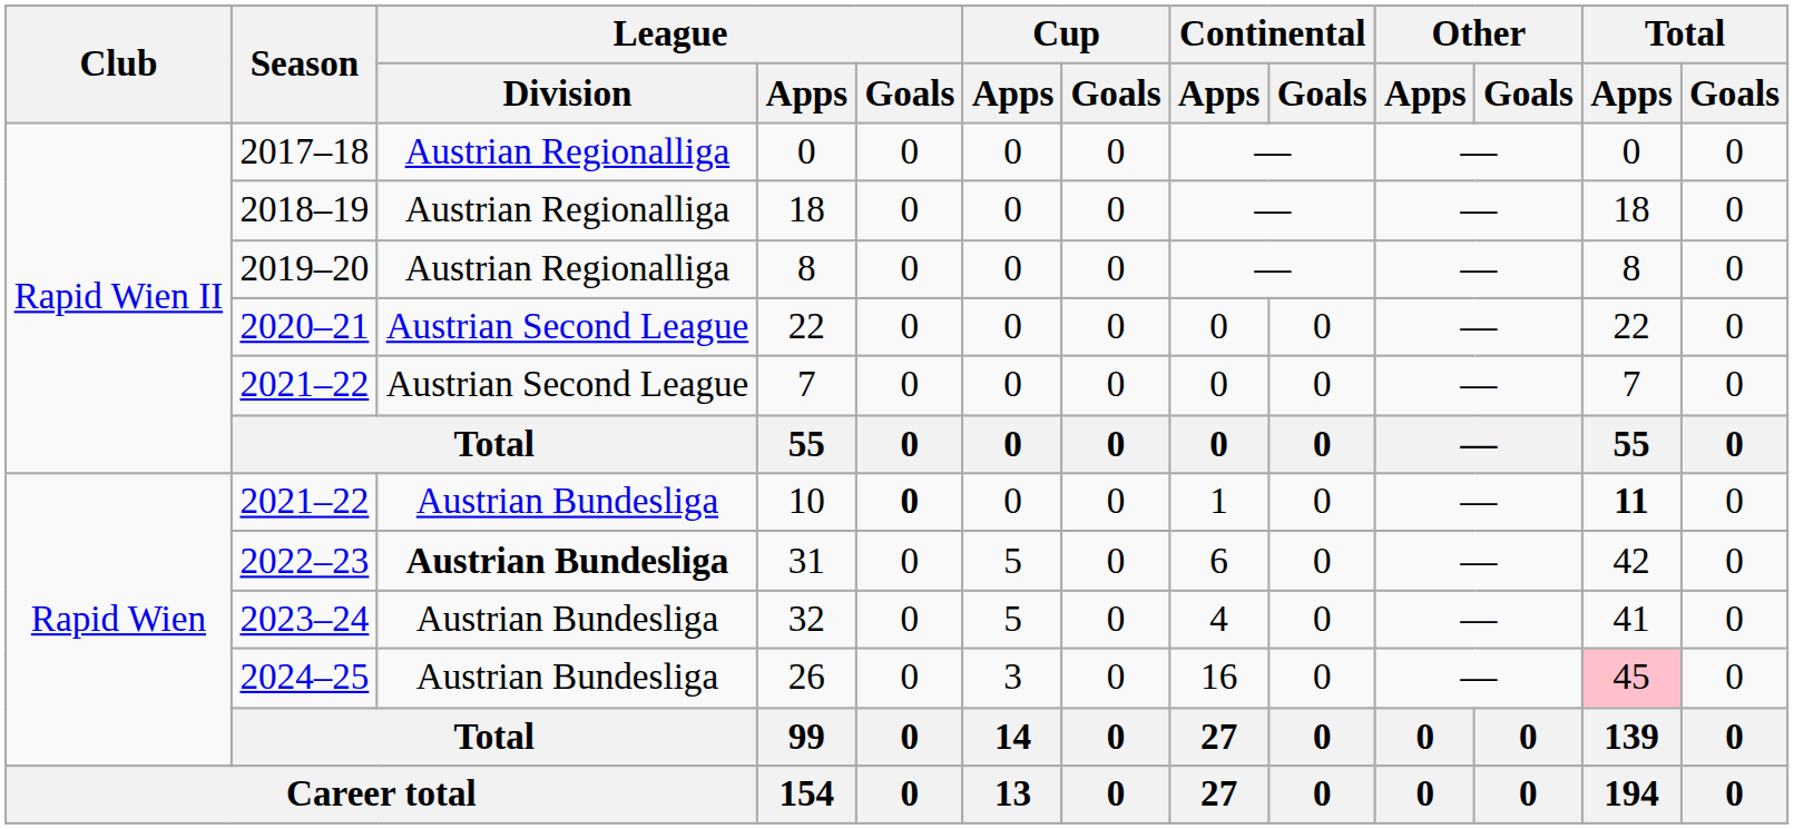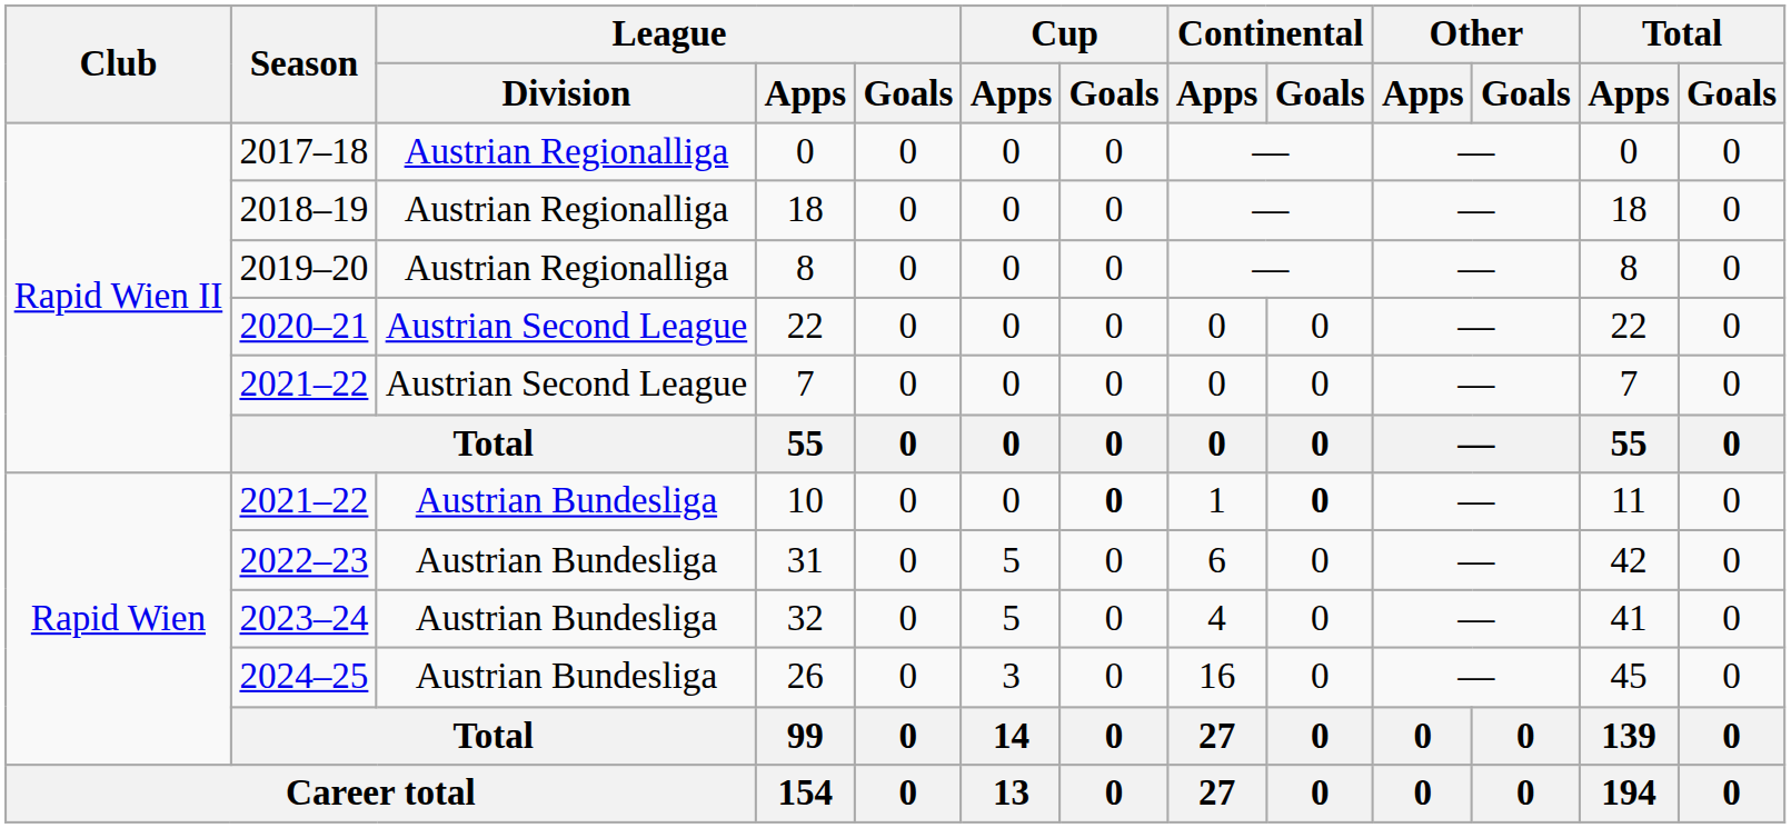 <table class="wikitable" style="text-align: center">
 <tr>
 <th rowspan="2">Club</th>
 <th rowspan="2">Season</th>
 <th colspan="3">League</th>
 <th colspan="2">Cup</th>
 <th colspan="2">Continental</th>
 <th colspan="2">Other</th>
 <th colspan="2">Total</th>
 </tr>
 <tr>
 <th>Division</th>
 <th>Apps</th>
 <th>Goals</th>
 <th>Apps</th>
 <th>Goals</th>
 <th>Apps</th>
 <th>Goals</th>
 <th>Apps</th>
 <th>Goals</th>
 <th>Apps</th>
 <th>Goals</th>
 </tr>
 <tr>
 <td rowspan="6"><a href='#'>Rapid Wien II</a></td>
 <td>2017–18</td>
 <td><a href='#'>Austrian Regionalliga</a></td>
 <td>0</td>
 <td>0</td>
 <td>0</td>
 <td>0</td>
 <td colspan="2">—</td>
 <td colspan="2">—</td>
 <td>0</td>
 <td>0</td>
 </tr>
 <tr>
 <td>2018–19</td>
 <td>Austrian Regionalliga</td>
 <td>18</td>
 <td>0</td>
 <td>0</td>
 <td>0</td>
 <td colspan="2">—</td>
 <td colspan="2">—</td>
 <td>18</td>
 <td>0</td>
 </tr>
 <tr>
 <td>2019–20</td>
 <td>Austrian Regionalliga</td>
 <td>8</td>
 <td>0</td>
 <td>0</td>
 <td>0</td>
 <td colspan="2">—</td>
 <td colspan="2">—</td>
 <td>8</td>
 <td>0</td>
 </tr>
 <tr>
 <td><a href='#'>2020–21</a></td>
 <td><a href='#'>Austrian Second League</a></td>
 <td>22</td>
 <td>0</td>
 <td>0</td>
 <td>0</td>
 <td>0</td>
 <td>0</td>
 <td colspan="2">—</td>
 <td>22</td>
 <td>0</td>
 </tr>
 <tr>
 <td><a href='#'>2021–22</a></td>
 <td>Austrian Second League</td>
 <td>7</td>
 <td>0</td>
 <td>0</td>
 <td>0</td>
 <td>0</td>
 <td>0</td>
 <td colspan="2">—</td>
 <td>7</td>
 <td>0</td>
 </tr>
 <tr>
 <th colspan="2">Total</th>
 <th>55</th>
 <th>0</th>
 <th>0</th>
 <th>0</th>
 <th>0</th>
 <th>0</th>
 <th colspan="2">—</th>
 <th>55</th>
 <th>0</th>
 </tr>
 <tr>
 <td rowspan="5"><a href='#'>Rapid Wien</a></td>
 <td><a href='#'>2021–22</a></td>
 <td><a href='#'>Austrian Bundesliga</a></td>
 <td>10</td>
-<td><strong>0</strong></td>
 <td>0</td>
 <td>0</td>
+<td><strong>0</strong></td>
 <td>1</td>
-<td>0</td>
+<td><strong>0</strong></td>
 <td colspan="2">—</td>
-<td><strong>11</strong></td>
+<td>11</td>
 <td>0</td>
 </tr>
 <tr>
 <td><a href='#'>2022–23</a></td>
-<td><strong>Austrian Bundesliga</strong></td>
+<td>Austrian Bundesliga</td>
 <td>31</td>
 <td>0</td>
 <td>5</td>
 <td>0</td>
 <td>6</td>
 <td>0</td>
 <td colspan="2">—</td>
 <td>42</td>
 <td>0</td>
 </tr>
 <tr>
 <td><a href='#'>2023–24</a></td>
 <td>Austrian Bundesliga</td>
 <td>32</td>
 <td>0</td>
 <td>5</td>
 <td>0</td>
 <td>4</td>
 <td>0</td>
 <td colspan="2">—</td>
 <td>41</td>
 <td>0</td>
 </tr>
 <tr>
 <td><a href='#'>2024–25</a></td>
 <td>Austrian Bundesliga</td>
 <td>26</td>
 <td>0</td>
 <td>3</td>
 <td>0</td>
 <td>16</td>
 <td>0</td>
 <td colspan="2">—</td>
-<td style="background: pink;">45</td>
+<td>45</td>
 <td>0</td>
 </tr>
 <tr>
 <th colspan="2">Total</th>
 <th>99</th>
 <th>0</th>
 <th>14</th>
 <th>0</th>
 <th>27</th>
 <th>0</th>
 <th>0</th>
 <th>0</th>
 <th>139</th>
 <th>0</th>
 </tr>
 <tr>
 <th colspan="3">Career total</th>
 <th>154</th>
 <th>0</th>
 <th>13</th>
 <th>0</th>
 <th>27</th>
 <th>0</th>
 <th>0</th>
 <th>0</th>
 <th>194</th>
 <th>0</th>
 </tr>
 </table>
